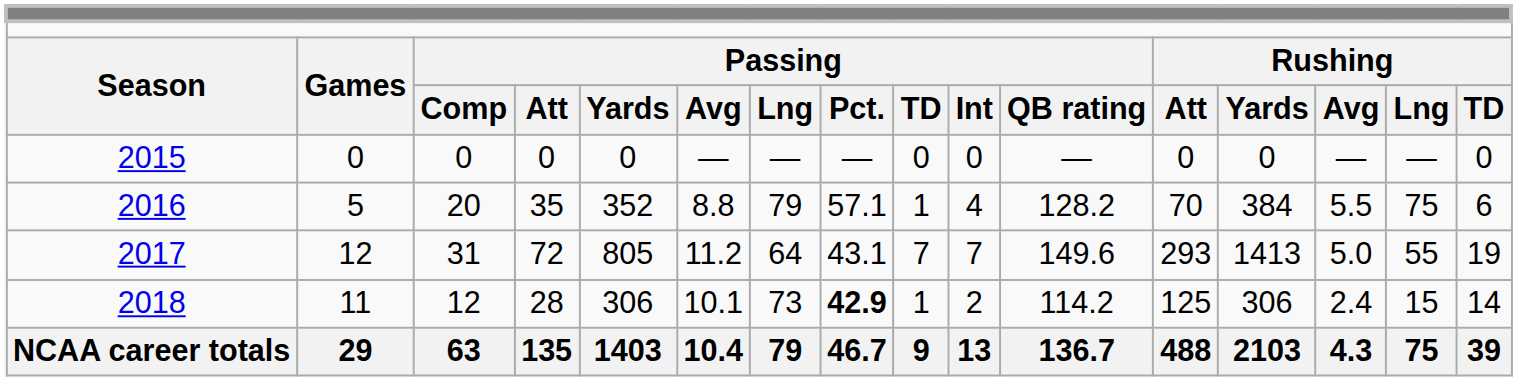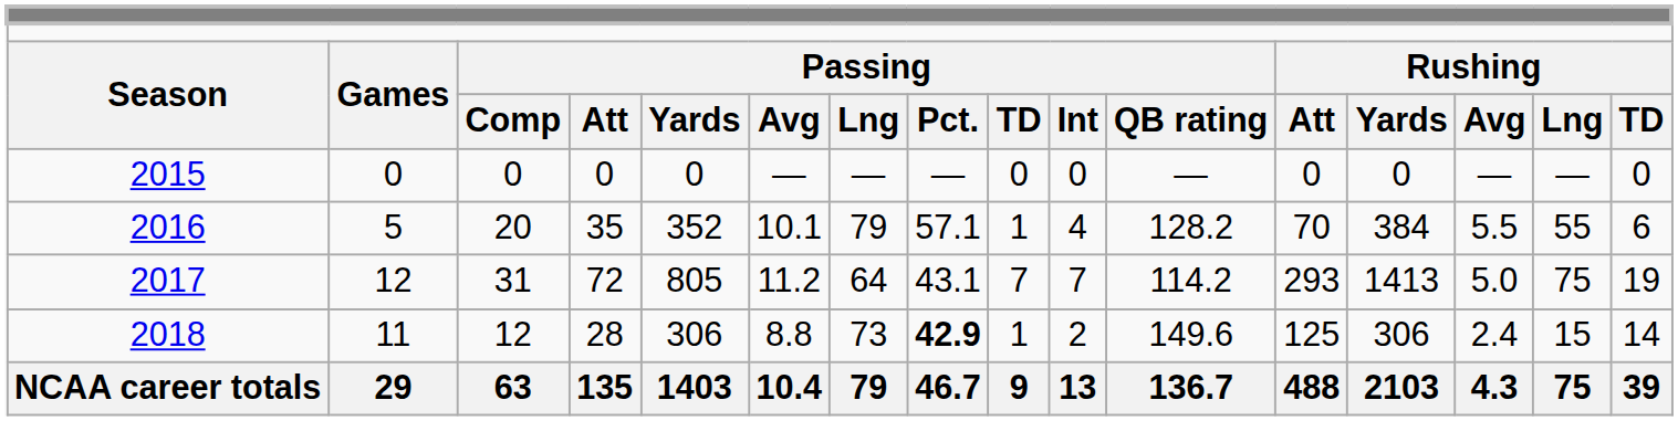 <table class=wikitable style="text-align:center;">
 <tr>
 <td ! colspan="16" style="background:gray; border:2px solid silver; color:white;"></td>
 </tr>
 <tr>
 <td ! colspan="16"></td>
 </tr>
 <tr>
 <th rowspan=2>Season</th>
 <th rowspan=2>Games</th>
 <th colspan=9>Passing</th>
 <th colspan=7>Rushing</th>
 </tr>
 <tr>
 <th>Comp</th>
 <th>Att</th>
 <th>Yards</th>
 <th>Avg</th>
 <th>Lng</th>
 <th>Pct.</th>
 <th>TD</th>
 <th>Int</th>
 <th>QB rating</th>
 <th>Att</th>
 <th>Yards</th>
 <th>Avg</th>
 <th>Lng</th>
 <th>TD</th>
 </tr>
 <tr>
 <td><a href='#'>2015</a></td>
 <td>0</td>
 <td>0</td>
 <td>0</td>
 <td>0</td>
 <td>—</td>
 <td>—</td>
 <td>—</td>
 <td>0</td>
 <td>0</td>
 <td>—</td>
 <td>0</td>
 <td>0</td>
 <td>—</td>
 <td>—</td>
 <td>0</td>
 </tr>
 <tr>
 <td><a href='#'>2016</a></td>
 <td>5</td>
 <td>20</td>
 <td>35</td>
 <td>352</td>
-<td>8.8</td>
+<td>10.1</td>
 <td>79</td>
 <td>57.1</td>
 <td>1</td>
 <td>4</td>
 <td>128.2</td>
 <td>70</td>
 <td>384</td>
 <td>5.5</td>
-<td>75</td>
+<td>55</td>
 <td>6</td>
 </tr>
 <tr>
 <td><a href='#'>2017</a></td>
 <td>12</td>
 <td>31</td>
 <td>72</td>
 <td>805</td>
 <td>11.2</td>
 <td>64</td>
 <td>43.1</td>
 <td>7</td>
 <td>7</td>
-<td>149.6</td>
+<td>114.2</td>
 <td>293</td>
 <td>1413</td>
 <td>5.0</td>
-<td>55</td>
+<td>75</td>
 <td>19</td>
 </tr>
 <tr>
 <td><a href='#'>2018</a></td>
 <td>11</td>
 <td>12</td>
 <td>28</td>
 <td>306</td>
-<td>10.1</td>
+<td>8.8</td>
 <td>73</td>
 <td><strong>42.9</strong></td>
 <td>1</td>
 <td>2</td>
-<td>114.2</td>
+<td>149.6</td>
 <td>125</td>
 <td>306</td>
 <td>2.4</td>
 <td>15</td>
 <td>14</td>
 </tr>
 <tr>
 <th>NCAA career totals</th>
 <th>29</th>
 <th>63</th>
 <th>135</th>
 <th>1403</th>
 <th>10.4</th>
 <th>79</th>
 <th>46.7</th>
 <th>9</th>
 <th>13</th>
 <th>136.7</th>
 <th>488</th>
 <th>2103</th>
 <th>4.3</th>
 <th>75</th>
 <th>39</th>
 </tr>
 </table>
